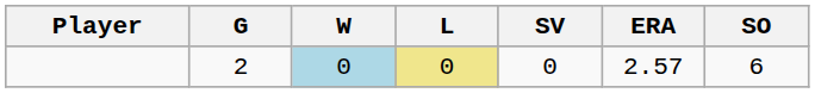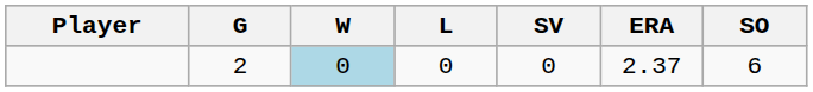 <table class="wikitable sortable">
 <tr>
 <th bgcolor="#DDDDFF" width="16%">Player</th>
 <th bgcolor="#DDDDFF" width="9%">G</th>
 <th bgcolor="#DDDDFF" width="9%">W</th>
 <th bgcolor="#DDDDFF" width="9%">L</th>
 <th bgcolor="#DDDDFF" width="9%">SV</th>
 <th bgcolor="#DDDDFF" width="9%">ERA</th>
 <th bgcolor="#DDDDFF" width="9%">SO</th>
 </tr>
 <tr align="center">
 <td></td>
 <td>2</td>
 <td style="background: lightblue;">0</td>
-<td style="background: khaki;">0</td>
 <td>0</td>
-<td>2.57</td>
+<td>0</td>
+<td>2.37</td>
 <td>6</td>
 </tr>
 </table>
